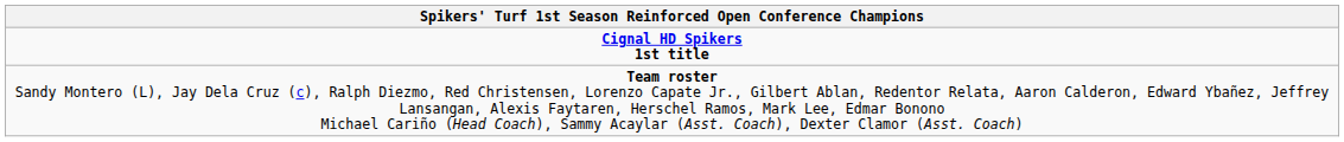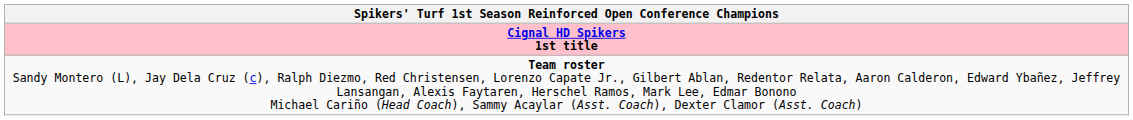 <table class=wikitable style="text-align:center; margin:auto;">
 <tr>
 <th>Spikers' Turf 1st Season Reinforced Open Conference Champions</th>
 </tr>
 <tr>
-<td><strong><a href='#'>Cignal HD Spikers</a></strong><br><strong>1st title</strong></td>
+<td style="background: pink;"><strong><a href='#'>Cignal HD Spikers</a></strong><br><strong>1st title</strong></td>
 </tr>
 <tr>
 <td><strong>Team roster</strong><br>Sandy Montero (L), Jay Dela Cruz (<a href='#'>c</a>), Ralph Diezmo, Red Christensen, Lorenzo Capate Jr., Gilbert Ablan, Redentor Relata, Aaron Calderon, Edward Ybañez, Jeffrey Lansangan, Alexis Faytaren, Herschel Ramos, Mark Lee, Edmar Bonono<br>Michael Cariño (<em>Head Coach</em>), Sammy Acaylar (<em>Asst. Coach</em>), Dexter Clamor (<em>Asst. Coach</em>)</td>
 </tr>
 </table>
